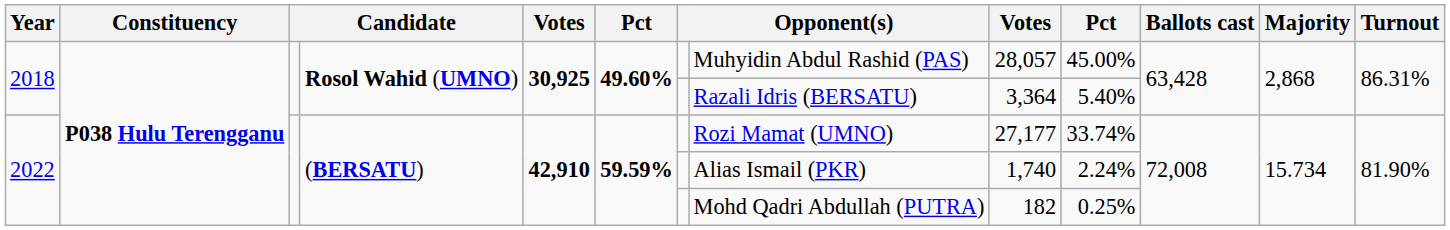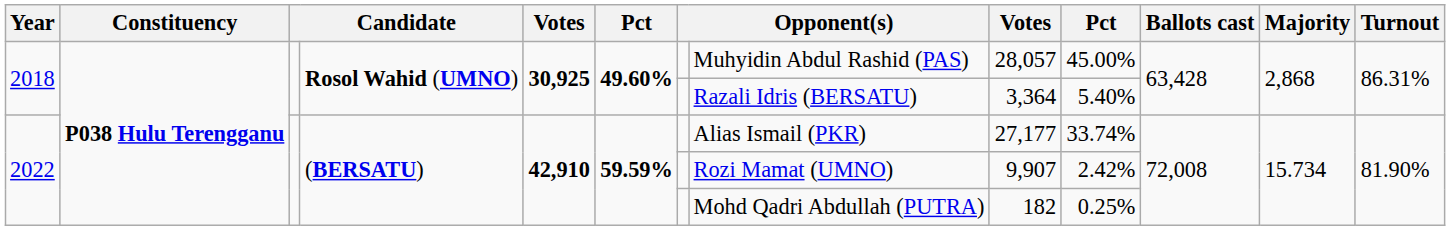 <table class="wikitable" style="margin:0.5em ; font-size:95%">
 <tr>
 <th>Year</th>
 <th>Constituency</th>
 <th colspan=2>Candidate</th>
 <th>Votes</th>
 <th>Pct</th>
 <th colspan=2>Opponent(s)</th>
 <th>Votes</th>
 <th>Pct</th>
 <th>Ballots cast</th>
 <th>Majority</th>
 <th>Turnout</th>
 </tr>
 <tr>
 <td rowspan=2><a href='#'>2018</a></td>
 <td rowspan=5><strong>P038 <a href='#'>Hulu Terengganu</a></strong></td>
 <td rowspan=2 ></td>
 <td rowspan=2><strong>Rosol Wahid</strong> (<a href='#'><strong>UMNO</strong></a>)</td>
 <td rowspan=2 align="right"><strong>30,925</strong></td>
 <td rowspan=2><strong>49.60%</strong></td>
 <td></td>
 <td>Muhyidin Abdul Rashid (<a href='#'>PAS</a>)</td>
 <td align="right">28,057</td>
 <td>45.00%</td>
 <td rowspan=2>63,428</td>
 <td rowspan=2>2,868</td>
 <td rowspan=2>86.31%</td>
 </tr>
 <tr>
 <td></td>
 <td><a href='#'>Razali Idris</a> (<a href='#'>BERSATU</a>)</td>
 <td align="right">3,364</td>
 <td align="right">5.40%</td>
 </tr>
 <tr>
 <td rowspan=3><a href='#'>2022</a></td>
 <td rowspan=3 ></td>
 <td rowspan=3> (<a href='#'><strong>BERSATU</strong></a>)</td>
 <td rowspan=3 align="right"><strong>42,910</strong></td>
 <td rowspan=3><strong>59.59%</strong></td>
 <td></td>
-<td><a href='#'>Rozi Mamat</a> (<a href='#'>UMNO</a>)</td>
+<td>Alias Ismail  (<a href='#'>PKR</a>)</td>
 <td align="right">27,177</td>
 <td>33.74%</td>
 <td rowspan=3>72,008</td>
 <td rowspan=3>15.734</td>
 <td rowspan=3>81.90%</td>
 </tr>
 <tr>
 <td></td>
-<td>Alias Ismail  (<a href='#'>PKR</a>)</td>
-<td align="right">1,740</td>
-<td align=right>2.24%</td>
+<td><a href='#'>Rozi Mamat</a> (<a href='#'>UMNO</a>)</td>
+<td align="right">9,907</td>
+<td align=right>2.42%</td>
 </tr>
 <tr>
 <td bgcolor=></td>
 <td>Mohd Qadri Abdullah (<a href='#'>PUTRA</a>)</td>
 <td align="right">182</td>
 <td align=right>0.25%</td>
 </tr>
 </table>
